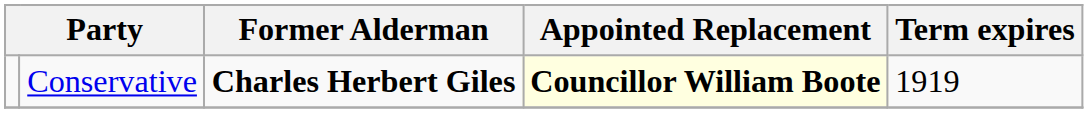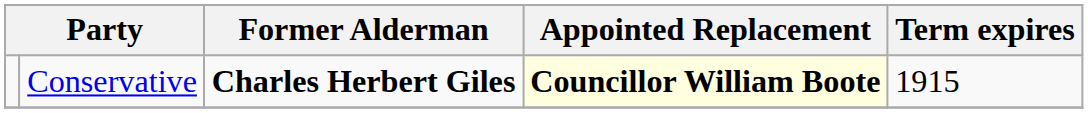 <table class="wikitable">
 <tr>
 <th colspan="2">Party</th>
 <th>Former Alderman</th>
 <th>Appointed Replacement</th>
 <th>Term expires</th>
 </tr>
 <tr>
 <td style="background-color:"></td>
 <td><a href='#'>Conservative</a></td>
 <td><strong>Charles Herbert Giles</strong></td>
 <td style="background: lightyellow;"><strong>Councillor William Boote</strong></td>
-<td>1919</td>
+<td>1915</td>
 </tr>
 <tr>
 </tr>
 </table>
